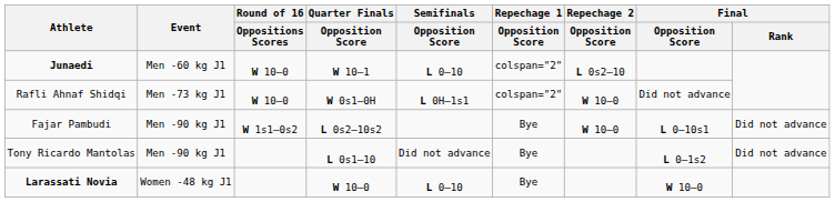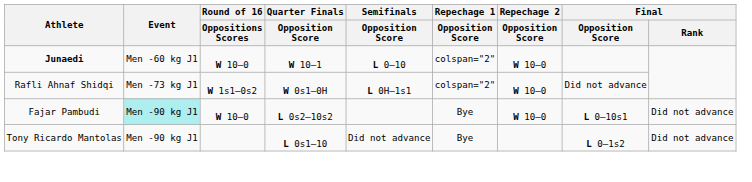 <table class=wikitable style="font-size:90%; text-align:center;">
 <tr>
 <th rowspan=2>Athlete</th>
 <th rowspan=2>Event</th>
 <th>Round of 16</th>
 <th>Quarter Finals</th>
 <th>Semifinals</th>
 <th>Repechage 1</th>
 <th>Repechage 2</th>
 <th colspan=2>Final</th>
 </tr>
 <tr>
 <th>Oppositions<br>Scores</th>
 <th>Opposition<br>Score</th>
 <th>Opposition<br>Score</th>
 <th>Opposition<br>Score</th>
 <th>Opposition<br>Score</th>
 <th>Opposition<br>Score</th>
 <th>Rank</th>
 </tr>
 <tr>
 <td align=center><strong>Junaedi</strong></td>
 <td align=center>Men -60 kg J1</td>
 <td align=center><br><strong>W</strong> 10–0</td>
 <td align=center><br><strong>W</strong> 10–1</td>
 <td align=center><br><strong>L</strong> 0–10</td>
 <td>colspan="2" </td>
-<td><br><strong>L</strong> 0s2–10</td>
+<td align=center><br><strong>W</strong> 10–0</td>
 <td></td>
 </tr>
 <tr>
 <td align=center>Rafli Ahnaf Shidqi</td>
 <td align=center>Men -73 kg J1</td>
-<td><br><strong>W</strong> 10–0</td>
+<td><br><strong>W</strong> 1s1–0s2</td>
 <td><br><strong>W</strong> 0s1–0H</td>
 <td><br><strong>L</strong> 0H–1s1</td>
 <td>colspan="2" </td>
 <td align=center><br><strong>W</strong> 10–0</td>
 <td>Did not advance</td>
 </tr>
 <tr>
 <td align=center>Fajar Pambudi</td>
-<td align=center>Men -90 kg J1</td>
-<td><br><strong>W</strong> 1s1–0s2</td>
+<td align=center style="background: paleturquoise;">Men -90 kg J1</td>
+<td><br><strong>W</strong> 10–0</td>
 <td><br><strong>L</strong> 0s2–10s2</td>
 <td></td>
 <td>Bye</td>
 <td><br><strong>W</strong> 10–0</td>
 <td><br><strong>L</strong> 0–10s1</td>
 <td>Did not advance</td>
 </tr>
 <tr>
 <td align=center>Tony Ricardo Mantolas</td>
 <td align=center>Men -90 kg J1</td>
 <td></td>
 <td><br><strong>L</strong> 0s1–10</td>
 <td>Did not advance</td>
 <td>Bye</td>
 <td></td>
 <td><br><strong>L</strong> 0–1s2</td>
 <td>Did not advance</td>
 </tr>
-<tr>
-<td align=center><strong>Larassati Novia</strong></td>
-<td align=center>Women -48 kg J1</td>
-<td></td>
-<td><br><strong>W</strong> 10–0</td>
-<td><br><strong>L</strong> 0–10</td>
-<td>Bye</td>
-<td></td>
-<td><br><strong>W</strong> 10–0</td>
-<td></td>
-</tr>
 </table>
